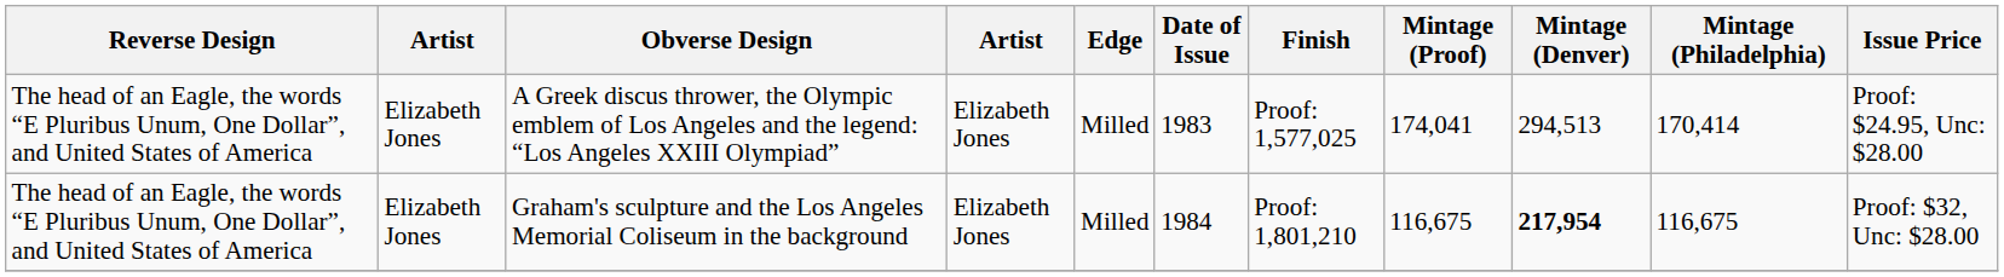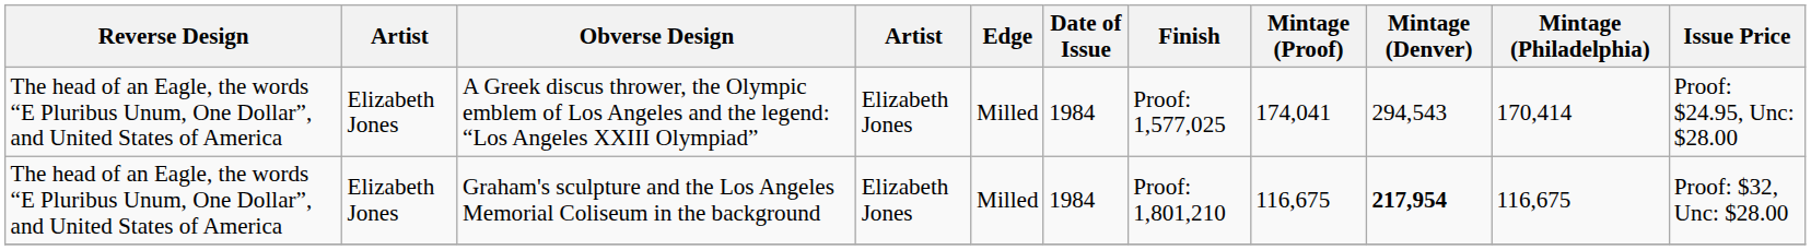 <table class="wikitable">
 <tr>
 <th>Reverse Design</th>
 <th>Artist</th>
 <th>Obverse Design</th>
 <th>Artist</th>
 <th>Edge</th>
 <th>Date of Issue</th>
 <th>Finish</th>
 <th>Mintage (Proof)</th>
 <th>Mintage (Denver)</th>
 <th>Mintage (Philadelphia)</th>
 <th>Issue Price</th>
 </tr>
 <tr>
 <td>The head of an Eagle, the words “E Pluribus Unum, One Dollar”, and United States of America</td>
 <td>Elizabeth Jones</td>
 <td>A Greek discus thrower, the Olympic emblem of Los Angeles and the legend: “Los Angeles XXIII Olympiad”</td>
 <td>Elizabeth Jones</td>
 <td>Milled</td>
-<td>1983</td>
+<td>1984</td>
 <td>Proof: 1,577,025</td>
 <td>174,041</td>
-<td>294,513</td>
+<td>294,543</td>
 <td>170,414</td>
 <td>Proof: $24.95, Unc: $28.00</td>
 </tr>
 <tr>
 <td>The head of an Eagle, the words “E Pluribus Unum, One Dollar”, and United States of America</td>
 <td>Elizabeth Jones</td>
 <td>Graham's sculpture and the Los Angeles Memorial Coliseum in the background</td>
 <td>Elizabeth Jones</td>
 <td>Milled</td>
 <td>1984</td>
 <td>Proof: 1,801,210</td>
 <td>116,675</td>
 <td><strong>217,954</strong></td>
 <td>116,675</td>
 <td>Proof: $32, Unc: $28.00</td>
 </tr>
 <tr>
 </tr>
 </table>
